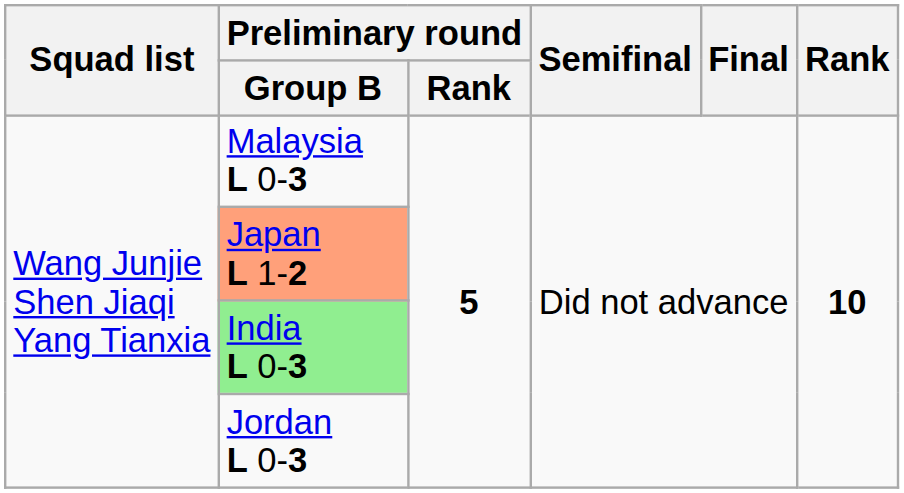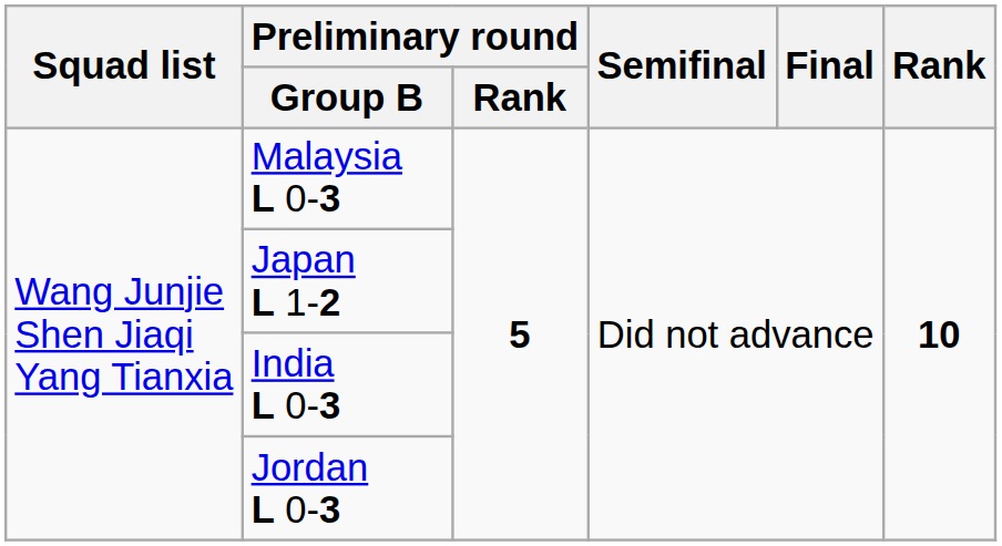 <table class="wikitable"style="text-align:left; font-size:90%">
 <tr>
 <th rowspan="2">Squad list</th>
 <th colspan="2">Preliminary round</th>
 <th rowspan="2">Semifinal</th>
 <th rowspan="2">Final</th>
 <th rowspan="2">Rank</th>
 </tr>
 <tr>
 <th>Group B</th>
 <th>Rank</th>
 </tr>
 <tr>
 <td rowspan=4><a href='#'>Wang Junjie</a><br><a href='#'>Shen Jiaqi</a><br><a href='#'>Yang Tianxia</a></td>
 <td><a href='#'>Malaysia</a><br><strong>L</strong> 0-<strong>3</strong></td>
 <td rowspan="4" style="text-align:center;"><strong>5</strong></td>
 <td rowspan="4" colspan="2" style="text-align:center;">Did not advance</td>
 <td rowspan="4" style="text-align:center;"><strong>10</strong></td>
 </tr>
 <tr>
-<td style="background: lightsalmon;"><a href='#'>Japan</a><br><strong>L</strong> 1-<strong>2</strong></td>
+<td><a href='#'>Japan</a><br><strong>L</strong> 1-<strong>2</strong></td>
 </tr>
 <tr>
-<td style="background: lightgreen;"><a href='#'>India</a><br><strong>L</strong> 0-<strong>3</strong></td>
+<td><a href='#'>India</a><br><strong>L</strong> 0-<strong>3</strong></td>
 </tr>
 <tr>
 <td><a href='#'>Jordan</a><br><strong>L</strong> 0-<strong>3</strong></td>
 </tr>
 </table>
